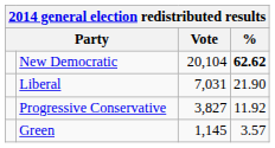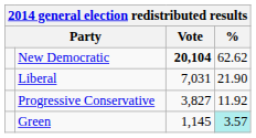 <table class="wikitable">
 <tr>
 <th colspan="4"><a href='#'>2014 general election</a> redistributed results</th>
 </tr>
 <tr>
 <th bgcolor="#DDDDFF" width="130px" colspan="2">Party</th>
 <th bgcolor="#DDDDFF" width="50px">Vote</th>
 <th bgcolor="#DDDDFF" width="30px">%</th>
 </tr>
 <tr>
 <td> </td>
 <td><a href='#'>New Democratic</a></td>
-<td align=right>20,104</td>
-<td align=right><strong>62.62</strong></td>
+<td align=right><strong>20,104</strong></td>
+<td align=right>62.62</td>
 </tr>
 <tr>
 <td> </td>
 <td><a href='#'>Liberal</a></td>
 <td align=right>7,031</td>
 <td align=right>21.90</td>
 </tr>
 <tr>
 <td> </td>
 <td><a href='#'>Progressive Conservative</a></td>
 <td align=right>3,827</td>
 <td align=right>11.92</td>
 </tr>
 <tr>
 <td> </td>
 <td><a href='#'>Green</a></td>
 <td align=right>1,145</td>
-<td align=right>3.57</td>
+<td align=right style="background: paleturquoise;">3.57</td>
 </tr>
 </table>
